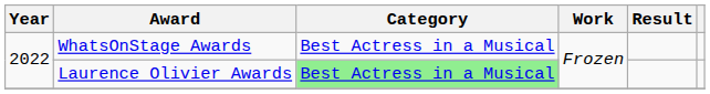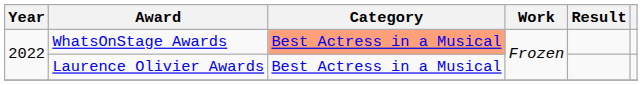 <table class="wikitable plainrowheaders">
 <tr>
 <th>Year</th>
 <th>Award</th>
 <th>Category</th>
 <th>Work</th>
 <th>Result</th>
 <th></th>
 </tr>
 <tr>
 <td rowspan="2">2022</td>
 <td><a href='#'>WhatsOnStage Awards</a></td>
-<td><a href='#'>Best Actress in a Musical</a></td>
+<td style="background: lightsalmon;"><a href='#'>Best Actress in a Musical</a></td>
 <td rowspan="2"><em>Frozen</em></td>
 <td></td>
 <td></td>
 </tr>
 <tr>
 <td><a href='#'>Laurence Olivier Awards</a></td>
-<td style="background: lightgreen;"><a href='#'>Best Actress in a Musical</a></td>
+<td><a href='#'>Best Actress in a Musical</a></td>
 <td></td>
 <td></td>
 </tr>
 <tr>
 </tr>
 </table>
